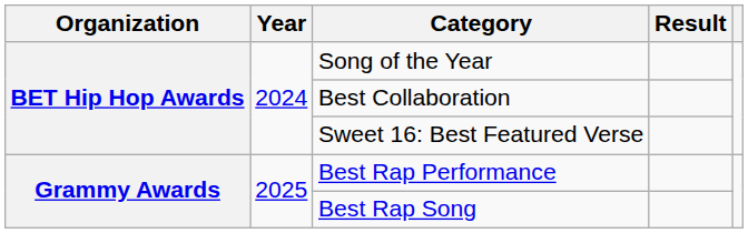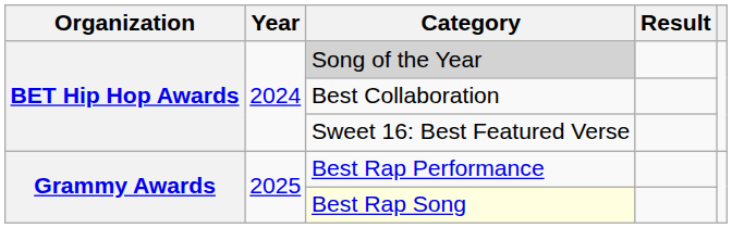 <table class="wikitable sortable plainrowheaders" style="border:none; margin:0;">
 <tr>
 <th scope="col">Organization</th>
 <th scope="col">Year</th>
 <th scope="col">Category</th>
 <th scope="col">Result</th>
 <th scope="col" class="unsortable"></th>
 </tr>
 <tr>
 <th rowspan="3" scope="row"><a href='#'>BET Hip Hop Awards</a></th>
 <td rowspan="3"><a href='#'>2024</a></td>
-<td>Song of the Year</td>
+<td style="background: lightgrey;">Song of the Year</td>
 <td></td>
 <td rowspan="3" style="text-align:center"></td>
 </tr>
 <tr>
 <td>Best Collaboration</td>
 <td></td>
 </tr>
 <tr>
 <td>Sweet 16: Best Featured Verse</td>
 <td></td>
 </tr>
 <tr>
 <th rowspan="2" scope="row"><a href='#'>Grammy Awards</a></th>
 <td rowspan="2"><a href='#'>2025</a></td>
 <td><a href='#'>Best Rap Performance</a></td>
 <td></td>
 <td rowspan="2" style="text-align:center"></td>
 </tr>
 <tr>
-<td><a href='#'>Best Rap Song</a></td>
+<td style="background: lightyellow;"><a href='#'>Best Rap Song</a></td>
 <td></td>
 </tr>
 </table>
